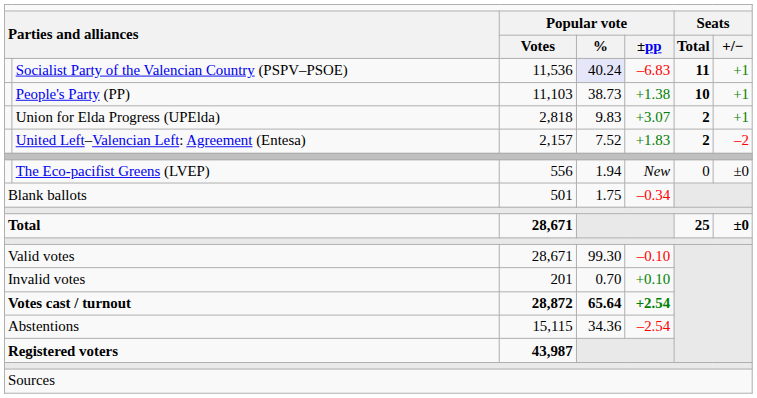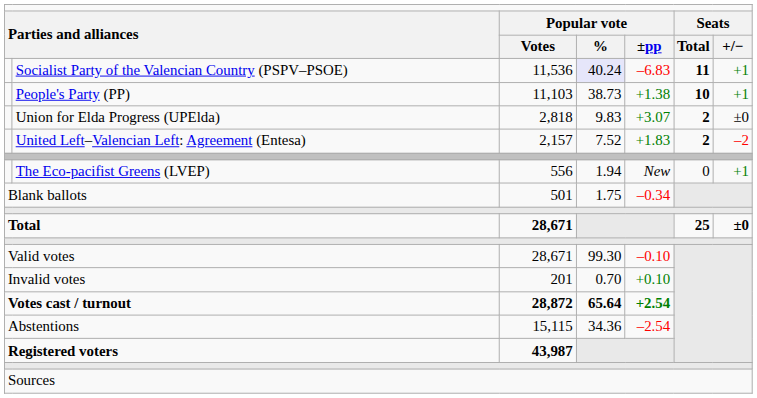 <table class="wikitable" style="text-align:right;">
 <tr>
 <td colspan="7"></td>
 </tr>
 <tr>
 <th style="text-align:left;" rowspan="2" colspan="2" width="525">Parties and alliances</th>
 <th colspan="3">Popular vote</th>
 <th colspan="2">Seats</th>
 </tr>
 <tr>
 <th width="75">Votes</th>
 <th width="45">%</th>
 <th width="45">±<a href='#'>pp</a></th>
 <th width="35">Total</th>
 <th width="35">+/−</th>
 </tr>
 <tr>
 <td width="1" style="color:inherit;background:"></td>
 <td align="left"><a href='#'>Socialist Party of the Valencian Country</a> (PSPV–PSOE)</td>
 <td>11,536</td>
 <td style="background: lavender;">40.24</td>
 <td style="color:red;">–6.83</td>
 <td><strong>11</strong></td>
 <td style="color:green;">+1</td>
 </tr>
 <tr>
 <td style="color:inherit;background:"></td>
 <td align="left"><a href='#'>People's Party</a> (PP)</td>
 <td>11,103</td>
 <td>38.73</td>
 <td style="color:green;">+1.38</td>
 <td><strong>10</strong></td>
 <td style="color:green;">+1</td>
 </tr>
 <tr>
 <td style="color:inherit;background:"></td>
 <td align="left">Union for Elda Progress (UPElda)</td>
 <td>2,818</td>
 <td>9.83</td>
 <td style="color:green;">+3.07</td>
 <td><strong>2</strong></td>
-<td style="color:green;">+1</td>
+<td>±0</td>
 </tr>
 <tr>
 <td style="color:inherit;background:"></td>
 <td align="left"><a href='#'>United Left</a>–<a href='#'>Valencian Left</a>: <a href='#'>Agreement</a> (Entesa)</td>
 <td>2,157</td>
 <td>7.52</td>
 <td style="color:green;">+1.83</td>
 <td><strong>2</strong></td>
 <td style="color:red;">–2</td>
 </tr>
 <tr>
 <td colspan="7" bgcolor="#C0C0C0"></td>
 </tr>
 <tr>
 <td style="color:inherit;background:"></td>
 <td align="left"><a href='#'>The Eco-pacifist Greens</a> (LVEP)</td>
 <td>556</td>
 <td>1.94</td>
 <td><em>New</em></td>
 <td>0</td>
-<td>±0</td>
+<td style="color:green;">+1</td>
 </tr>
 <tr>
 <td align="left" colspan="2">Blank ballots</td>
 <td>501</td>
 <td>1.75</td>
 <td style="color:red;">–0.34</td>
 <td bgcolor="#E9E9E9" colspan="2"></td>
 </tr>
 <tr>
 <td colspan="7" bgcolor="#E9E9E9"></td>
 </tr>
 <tr style="font-weight:bold;">
 <td align="left" colspan="2">Total</td>
 <td>28,671</td>
 <td bgcolor="#E9E9E9" colspan="2"></td>
 <td>25</td>
 <td>±0</td>
 </tr>
 <tr>
 <td colspan="7" bgcolor="#E9E9E9"></td>
 </tr>
 <tr>
 <td align="left" colspan="2">Valid votes</td>
 <td>28,671</td>
 <td>99.30</td>
 <td style="color:red;">–0.10</td>
 <td bgcolor="#E9E9E9" colspan="2" rowspan="5"></td>
 </tr>
 <tr>
 <td align="left" colspan="2">Invalid votes</td>
 <td>201</td>
 <td>0.70</td>
 <td style="color:green;">+0.10</td>
 </tr>
 <tr style="font-weight:bold;">
 <td align="left" colspan="2">Votes cast / turnout</td>
 <td>28,872</td>
 <td>65.64</td>
 <td style="color:green;">+2.54</td>
 </tr>
 <tr>
 <td align="left" colspan="2">Abstentions</td>
 <td>15,115</td>
 <td>34.36</td>
 <td style="color:red;">–2.54</td>
 </tr>
 <tr style="font-weight:bold;">
 <td align="left" colspan="2">Registered voters</td>
 <td>43,987</td>
 <td bgcolor="#E9E9E9" colspan="2"></td>
 </tr>
 <tr>
 <td colspan="7" bgcolor="#E9E9E9"></td>
 </tr>
 <tr>
 <td align="left" colspan="7">Sources</td>
 </tr>
 </table>
